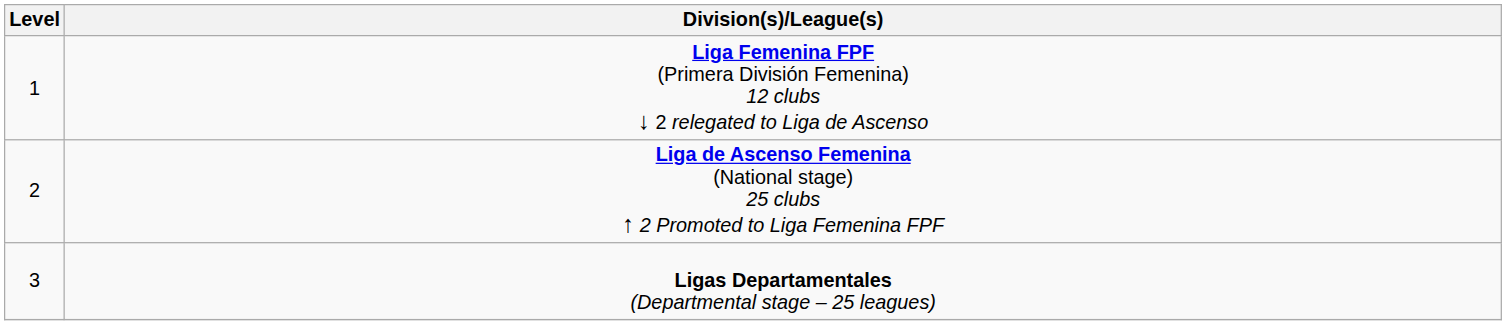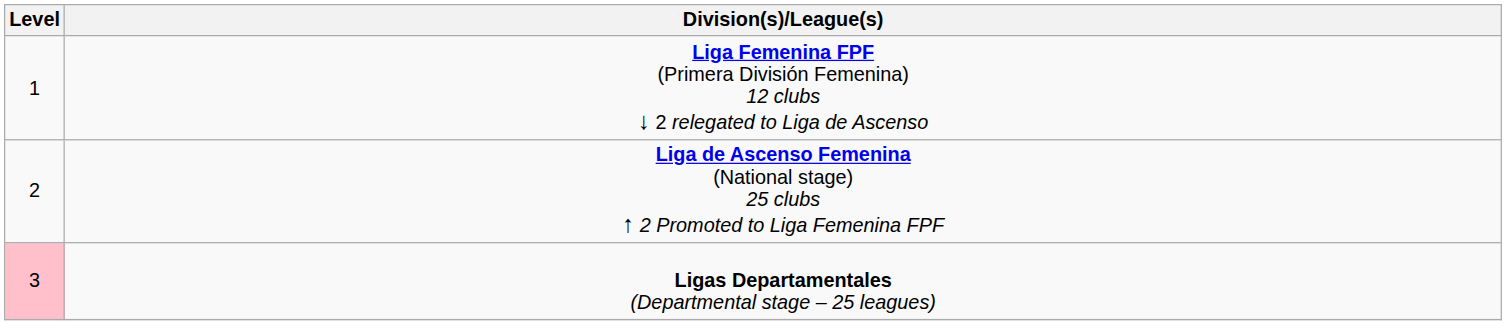 <table class="wikitable" style="text-align: center;">
 <tr>
 <th colspan="1" width="4%">Level</th>
 <th width="96%">Division(s)/League(s)</th>
 </tr>
 <tr>
 <td colspan="1" width="4%">1</td>
 <td width="96%"><a href='#'><strong>Liga Femenina FPF</strong></a><br>(Primera División Femenina)<br><em>12 clubs</em><br><big>↓</big> 2 <em>relegated to Liga de Ascenso</em></td>
 </tr>
 <tr>
 <td colspan="1" width="4%">2</td>
 <td width="48%"><a href='#'><strong>Liga de Ascenso Femenina</strong></a><br>(National stage)<br><em>25 clubs</em><br><em><big>↑</big></em> <em>2 Promoted to Liga Femenina FPF</em></td>
 </tr>
 <tr>
-<td colspan="1" width="4%">3</td>
+<td colspan="1" width="4%" style="background: pink;">3</td>
 <td width="48%"><br><strong>Ligas Departamentales</strong><br><em>(Departmental stage – 25 leagues)</em></td>
 </tr>
 <tr>
 </tr>
 </table>
